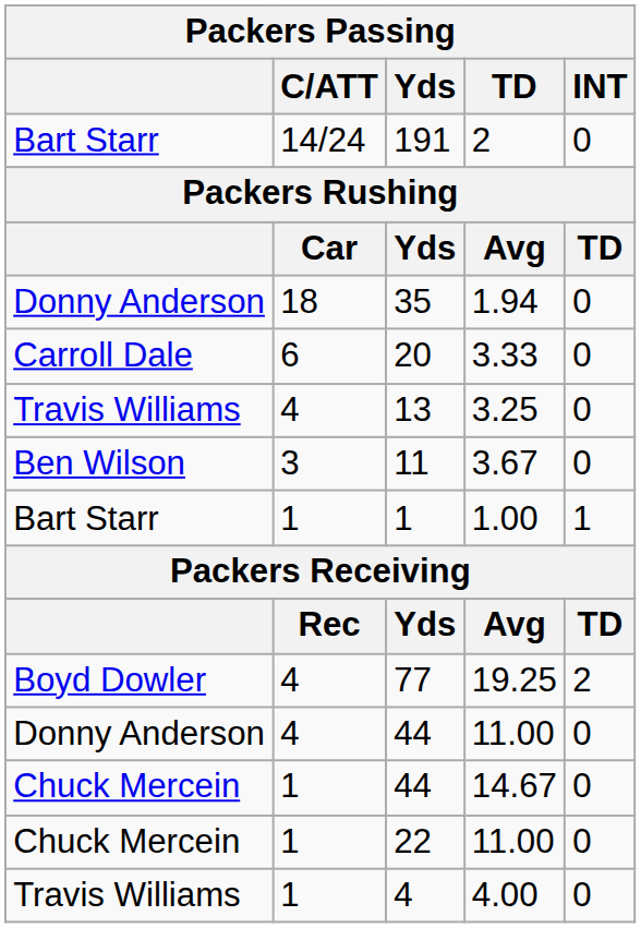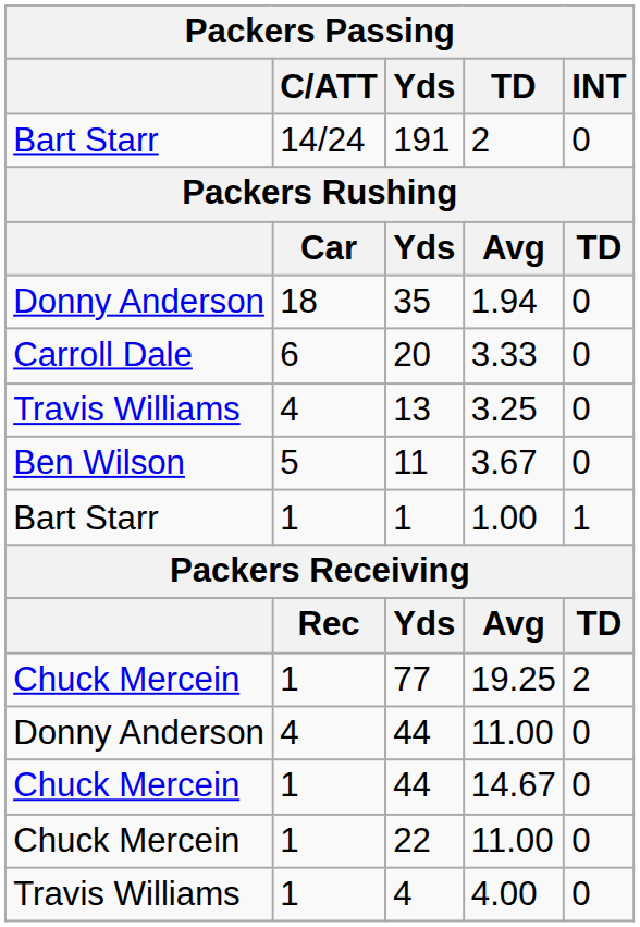 <table class="wikitable">
 <tr>
 <th colspan="5">Packers Passing</th>
 </tr>
 <tr>
 <th></th>
 <th>C/ATT</th>
 <th>Yds</th>
 <th>TD</th>
 <th>INT</th>
 </tr>
 <tr>
 <td><a href='#'>Bart Starr</a></td>
 <td>14/24</td>
 <td>191</td>
 <td>2</td>
 <td>0</td>
 </tr>
 <tr>
 <th colspan="5">Packers Rushing</th>
 </tr>
 <tr>
 <th></th>
 <th>Car</th>
 <th>Yds</th>
 <th>Avg</th>
 <th>TD</th>
 </tr>
 <tr>
 <td><a href='#'>Donny Anderson</a></td>
 <td>18</td>
 <td>35</td>
 <td>1.94</td>
 <td>0</td>
 </tr>
 <tr>
 <td><a href='#'>Carroll Dale</a></td>
 <td>6</td>
 <td>20</td>
 <td>3.33</td>
 <td>0</td>
 </tr>
 <tr>
 <td><a href='#'>Travis Williams</a></td>
 <td>4</td>
 <td>13</td>
 <td>3.25</td>
 <td>0</td>
 </tr>
 <tr>
 <td><a href='#'>Ben Wilson</a></td>
-<td>3</td>
+<td>5</td>
 <td>11</td>
 <td>3.67</td>
 <td>0</td>
 </tr>
 <tr>
 <td>Bart Starr</td>
 <td>1</td>
 <td>1</td>
 <td>1.00</td>
 <td>1</td>
 </tr>
 <tr>
 <th colspan="5">Packers Receiving</th>
 </tr>
 <tr>
 <th></th>
 <th>Rec</th>
 <th>Yds</th>
 <th>Avg</th>
 <th>TD</th>
 </tr>
 <tr>
-<td><a href='#'>Boyd Dowler</a></td>
-<td>4</td>
+<td><a href='#'>Chuck Mercein</a></td>
+<td>1</td>
 <td>77</td>
 <td>19.25</td>
 <td>2</td>
 </tr>
 <tr>
 <td>Donny Anderson</td>
 <td>4</td>
 <td>44</td>
 <td>11.00</td>
 <td>0</td>
 </tr>
 <tr>
 <td><a href='#'>Chuck Mercein</a></td>
 <td>1</td>
 <td>44</td>
 <td>14.67</td>
 <td>0</td>
 </tr>
 <tr>
 <td>Chuck Mercein</td>
 <td>1</td>
 <td>22</td>
 <td>11.00</td>
 <td>0</td>
 </tr>
 <tr>
 <td>Travis Williams</td>
 <td>1</td>
 <td>4</td>
 <td>4.00</td>
 <td>0</td>
 </tr>
 </table>
